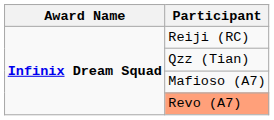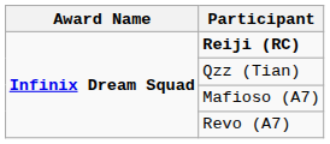 <table class="wikitable" style="text-align:center; margin-top:0px;">
 <tr>
 <th>Award Name</th>
 <th>Participant</th>
 </tr>
 <tr>
 <td rowspan="4"><strong><a href='#'>Infinix</a> Dream Squad</strong></td>
-<td style="text-align:left"> Reiji (RC)</td>
+<td style="text-align:left"><strong> Reiji (RC)</strong></td>
 </tr>
 <tr>
 <td style="text-align:left"> Qzz (Tian)</td>
 </tr>
 <tr>
 <td style="text-align:left"> Mafioso (A7)</td>
 </tr>
 <tr>
-<td style="background: lightsalmon; text-align:left"> Revo (A7)</td>
+<td style="text-align:left"> Revo (A7)</td>
 </tr>
 </table>
